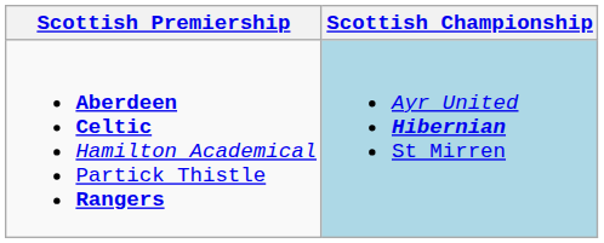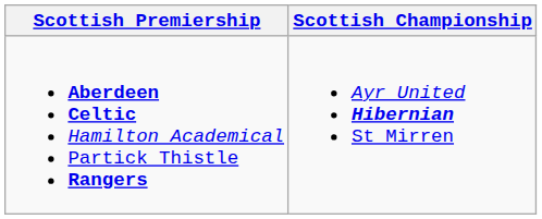 <table class="wikitable" style="text-align:left">
 <tr>
 <th><a href='#'>Scottish Premiership</a></th>
 <th><a href='#'>Scottish Championship</a></th>
 </tr>
 <tr>
 <td valign=top><br><ul><li><strong><a href='#'>Aberdeen</a></strong></li><li><strong><a href='#'>Celtic</a></strong></li><li><em><a href='#'>Hamilton Academical</a></em></li><li><a href='#'>Partick Thistle</a></li><li><strong><a href='#'>Rangers</a></strong></li></ul></td>
-<td valign=top style="background: lightblue;"><br><ul><li><em><a href='#'>Ayr United</a></em></li><li><strong><em><a href='#'>Hibernian</a></em></strong></li><li><a href='#'>St Mirren</a></li></ul></td>
+<td valign=top><br><ul><li><em><a href='#'>Ayr United</a></em></li><li><strong><em><a href='#'>Hibernian</a></em></strong></li><li><a href='#'>St Mirren</a></li></ul></td>
 </tr>
 </table>
